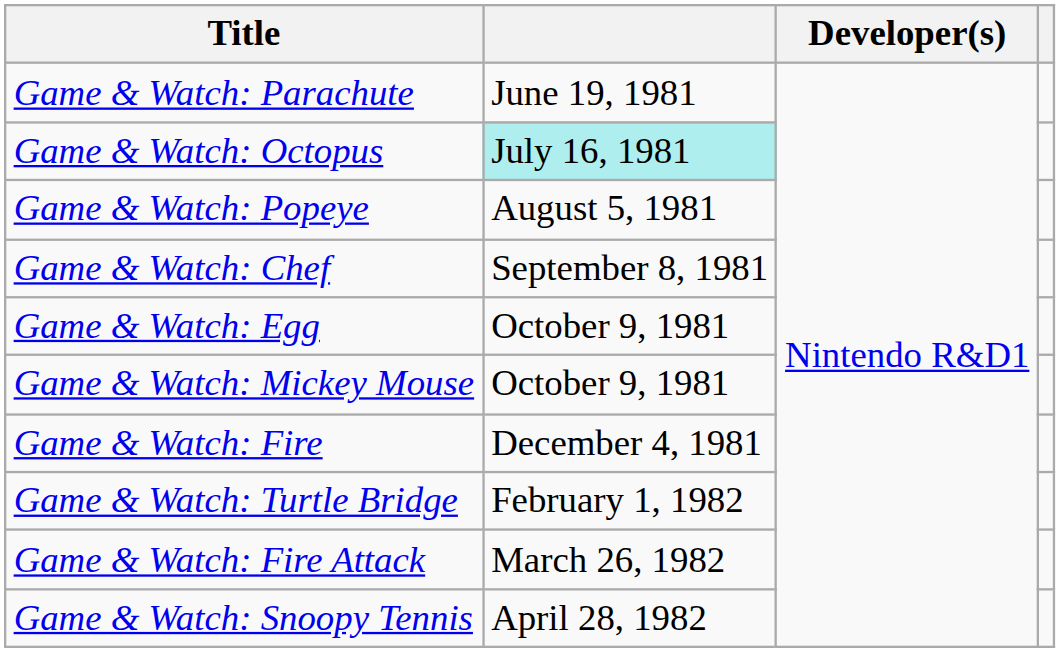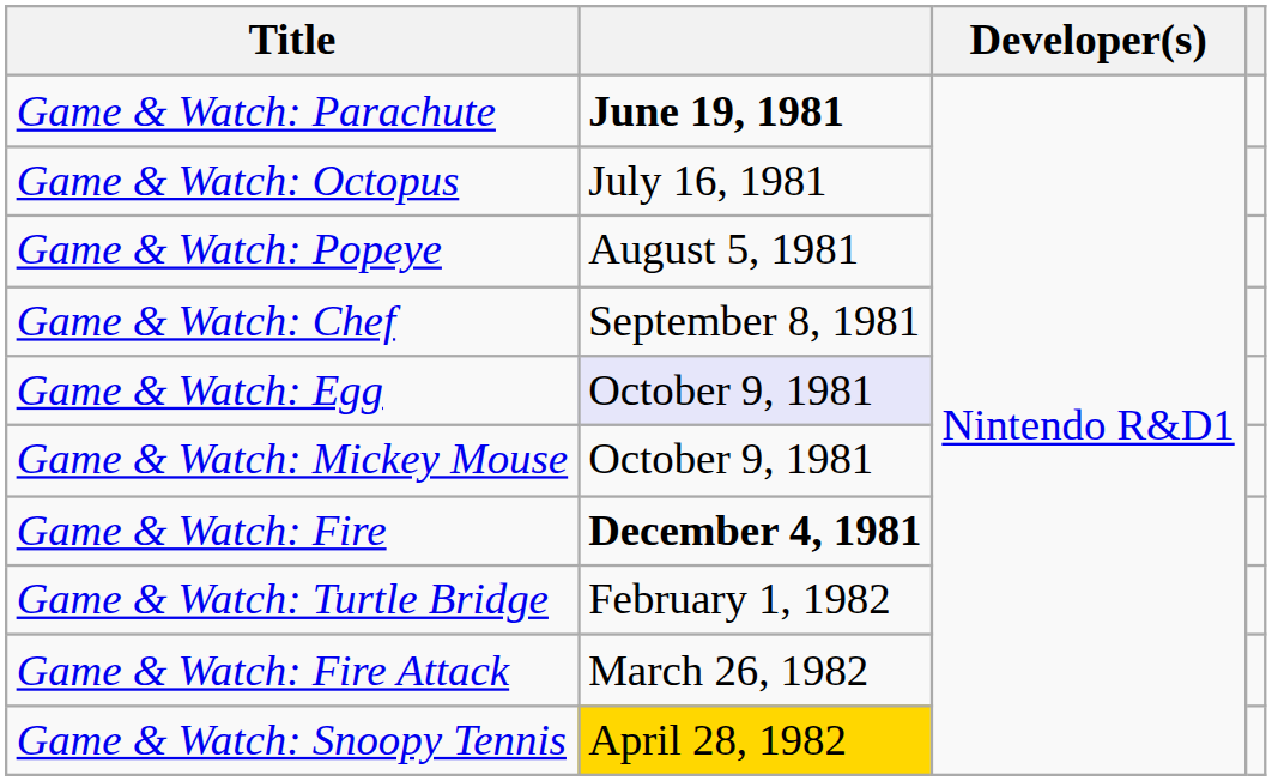 <table class="wikitable plainrowheaders sortable">
 <tr>
 <th scope="col">Title</th>
 <th scope="col" data-sort-type="date"></th>
 <th scope="col">Developer(s)</th>
 <th scope="col" class="unsortable"></th>
 </tr>
 <tr>
 <td><em><a href='#'>Game & Watch: Parachute</a></em></td>
-<td>June 19, 1981</td>
+<td><strong>June 19, 1981</strong></td>
 <td rowspan="10"><a href='#'>Nintendo R&D1</a></td>
 <td></td>
 </tr>
 <tr>
 <td><em><a href='#'>Game & Watch: Octopus</a></em></td>
-<td style="background: paleturquoise;">July 16, 1981</td>
+<td>July 16, 1981</td>
 <td></td>
 </tr>
 <tr>
 <td><em><a href='#'>Game & Watch: Popeye</a></em></td>
 <td>August 5, 1981</td>
 <td></td>
 </tr>
 <tr>
 <td><em><a href='#'>Game & Watch: Chef</a></em></td>
 <td>September 8, 1981</td>
 <td></td>
 </tr>
 <tr>
 <td><em><a href='#'>Game & Watch: Egg</a></em></td>
-<td>October 9, 1981</td>
+<td style="background: lavender;">October 9, 1981</td>
 <td></td>
 </tr>
 <tr>
 <td><em><a href='#'>Game & Watch: Mickey Mouse</a></em></td>
 <td>October 9, 1981</td>
 <td></td>
 </tr>
 <tr>
 <td><em><a href='#'>Game & Watch: Fire</a></em></td>
-<td>December 4, 1981</td>
+<td><strong>December 4, 1981</strong></td>
 <td></td>
 </tr>
 <tr>
 <td><em><a href='#'>Game & Watch: Turtle Bridge</a></em></td>
 <td>February 1, 1982</td>
 <td></td>
 </tr>
 <tr>
 <td><em><a href='#'>Game & Watch: Fire Attack</a></em></td>
 <td>March 26, 1982</td>
 <td></td>
 </tr>
 <tr>
 <td><em><a href='#'>Game & Watch: Snoopy Tennis</a></em></td>
-<td>April 28, 1982</td>
+<td style="background: gold;">April 28, 1982</td>
 <td></td>
 </tr>
 </table>
